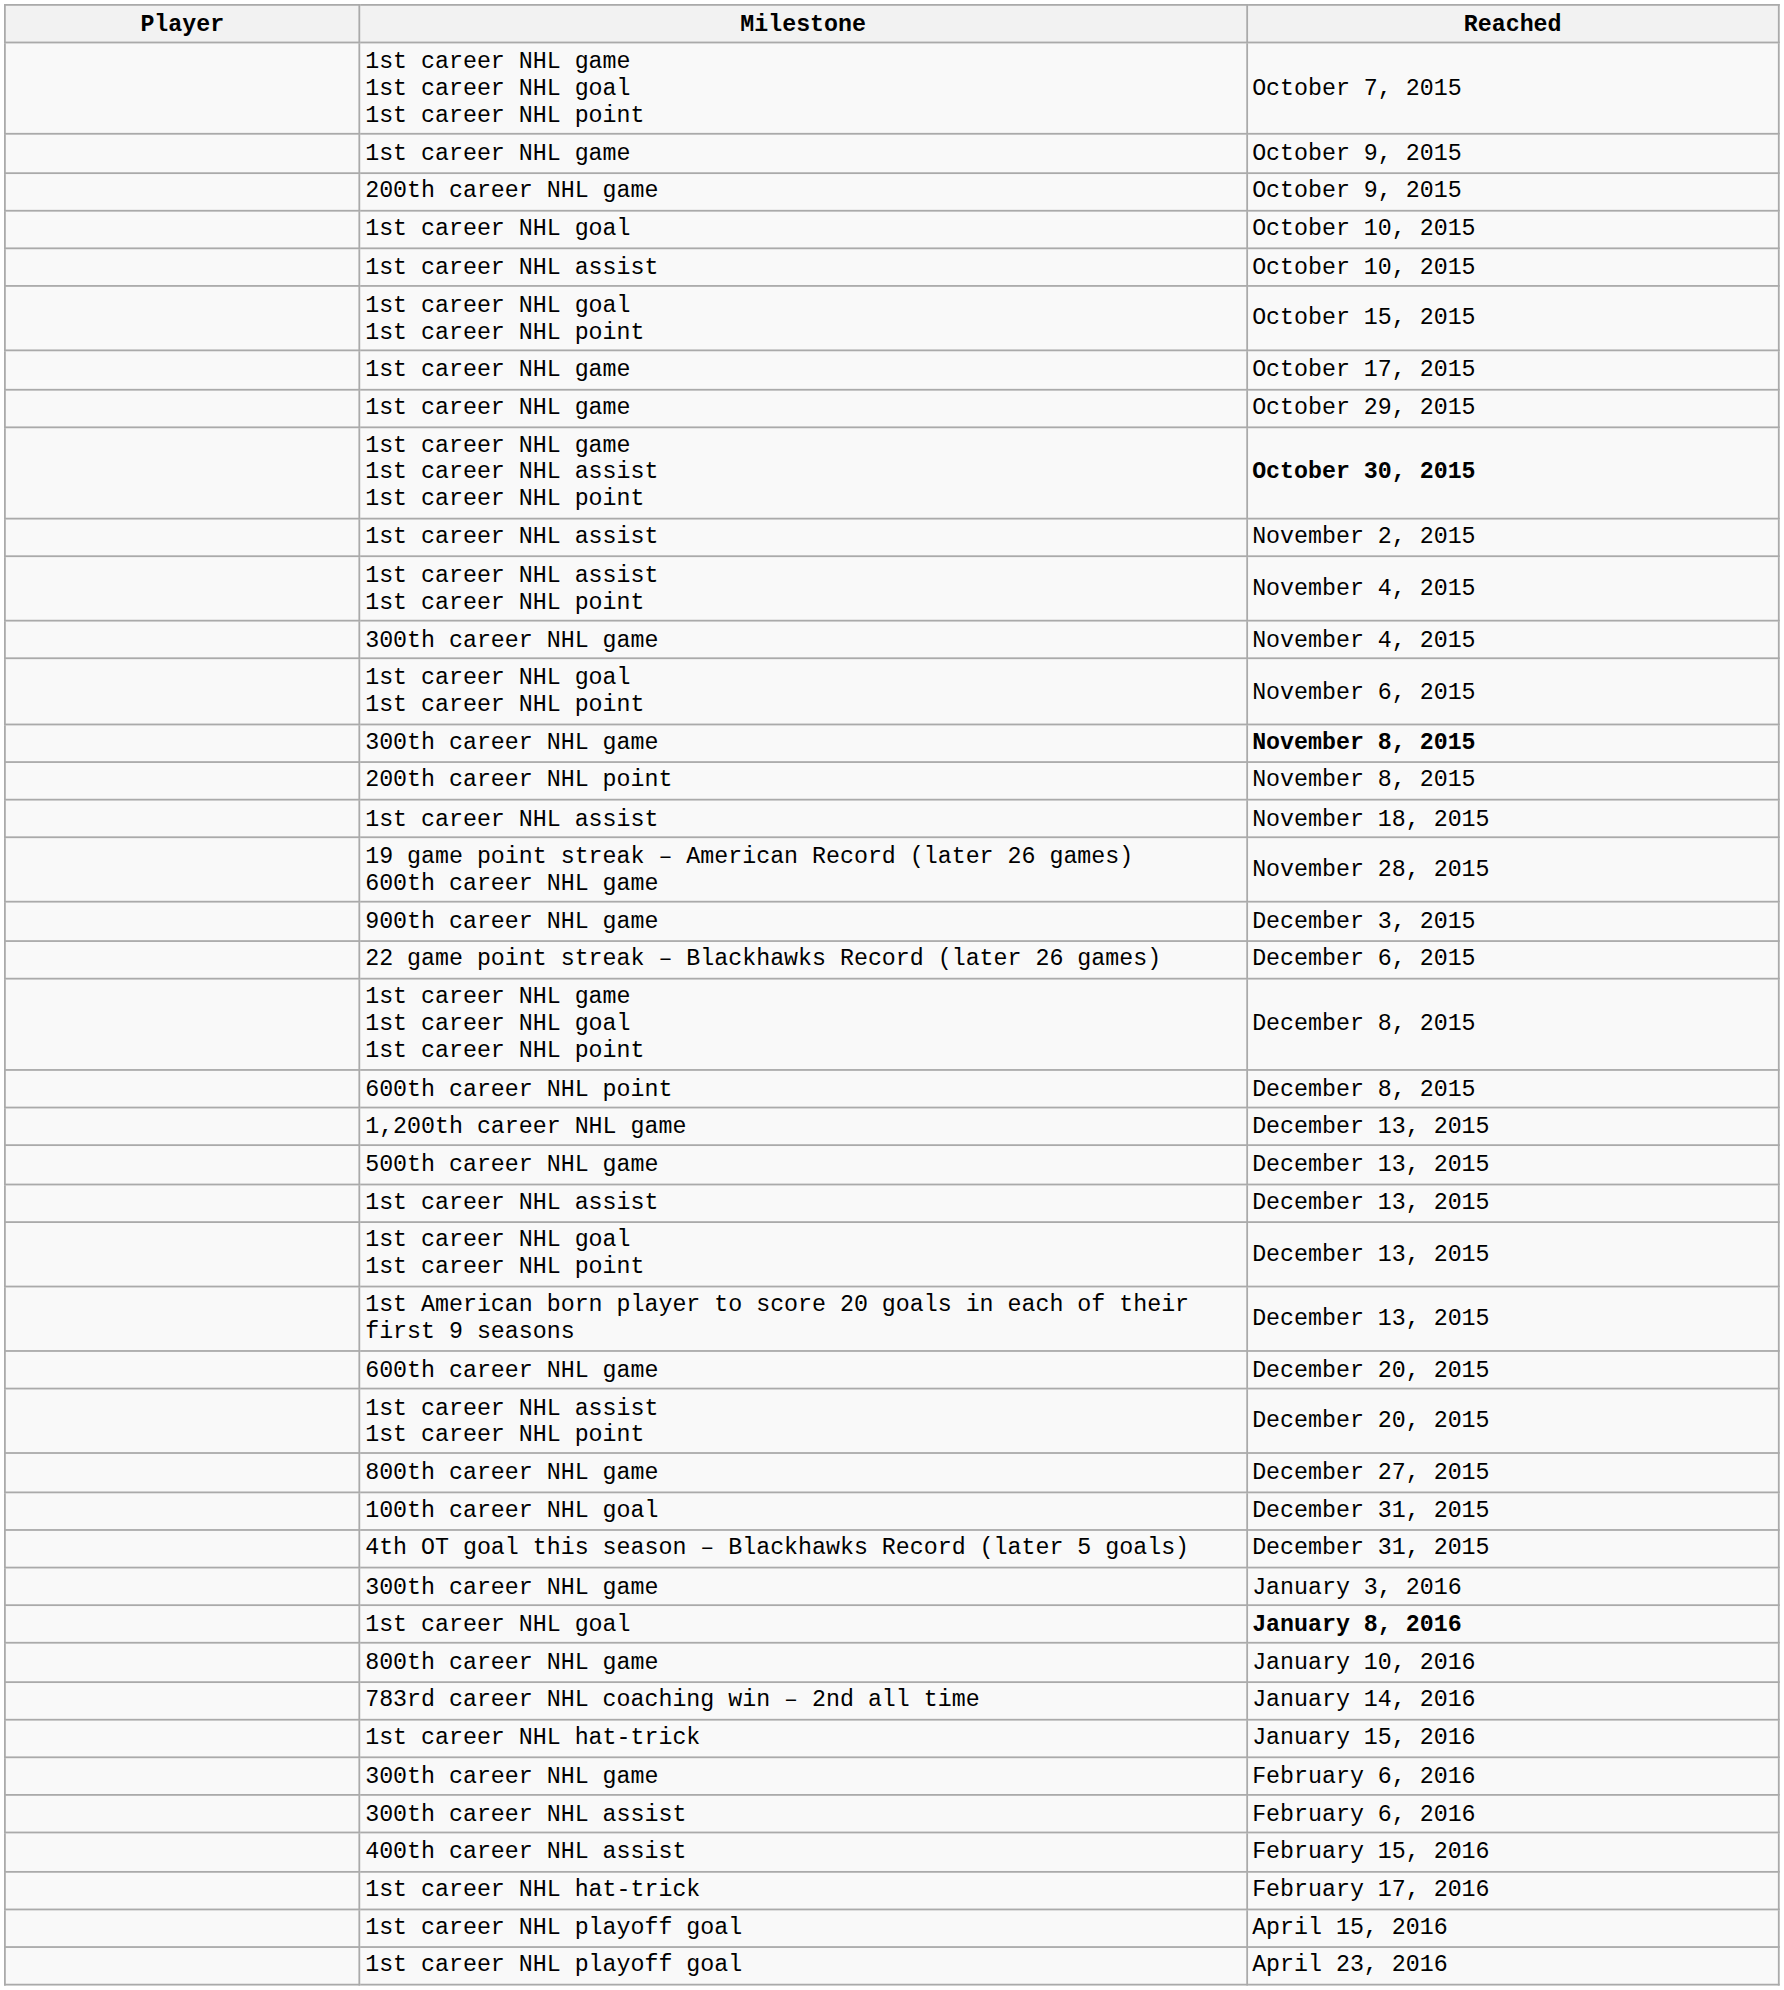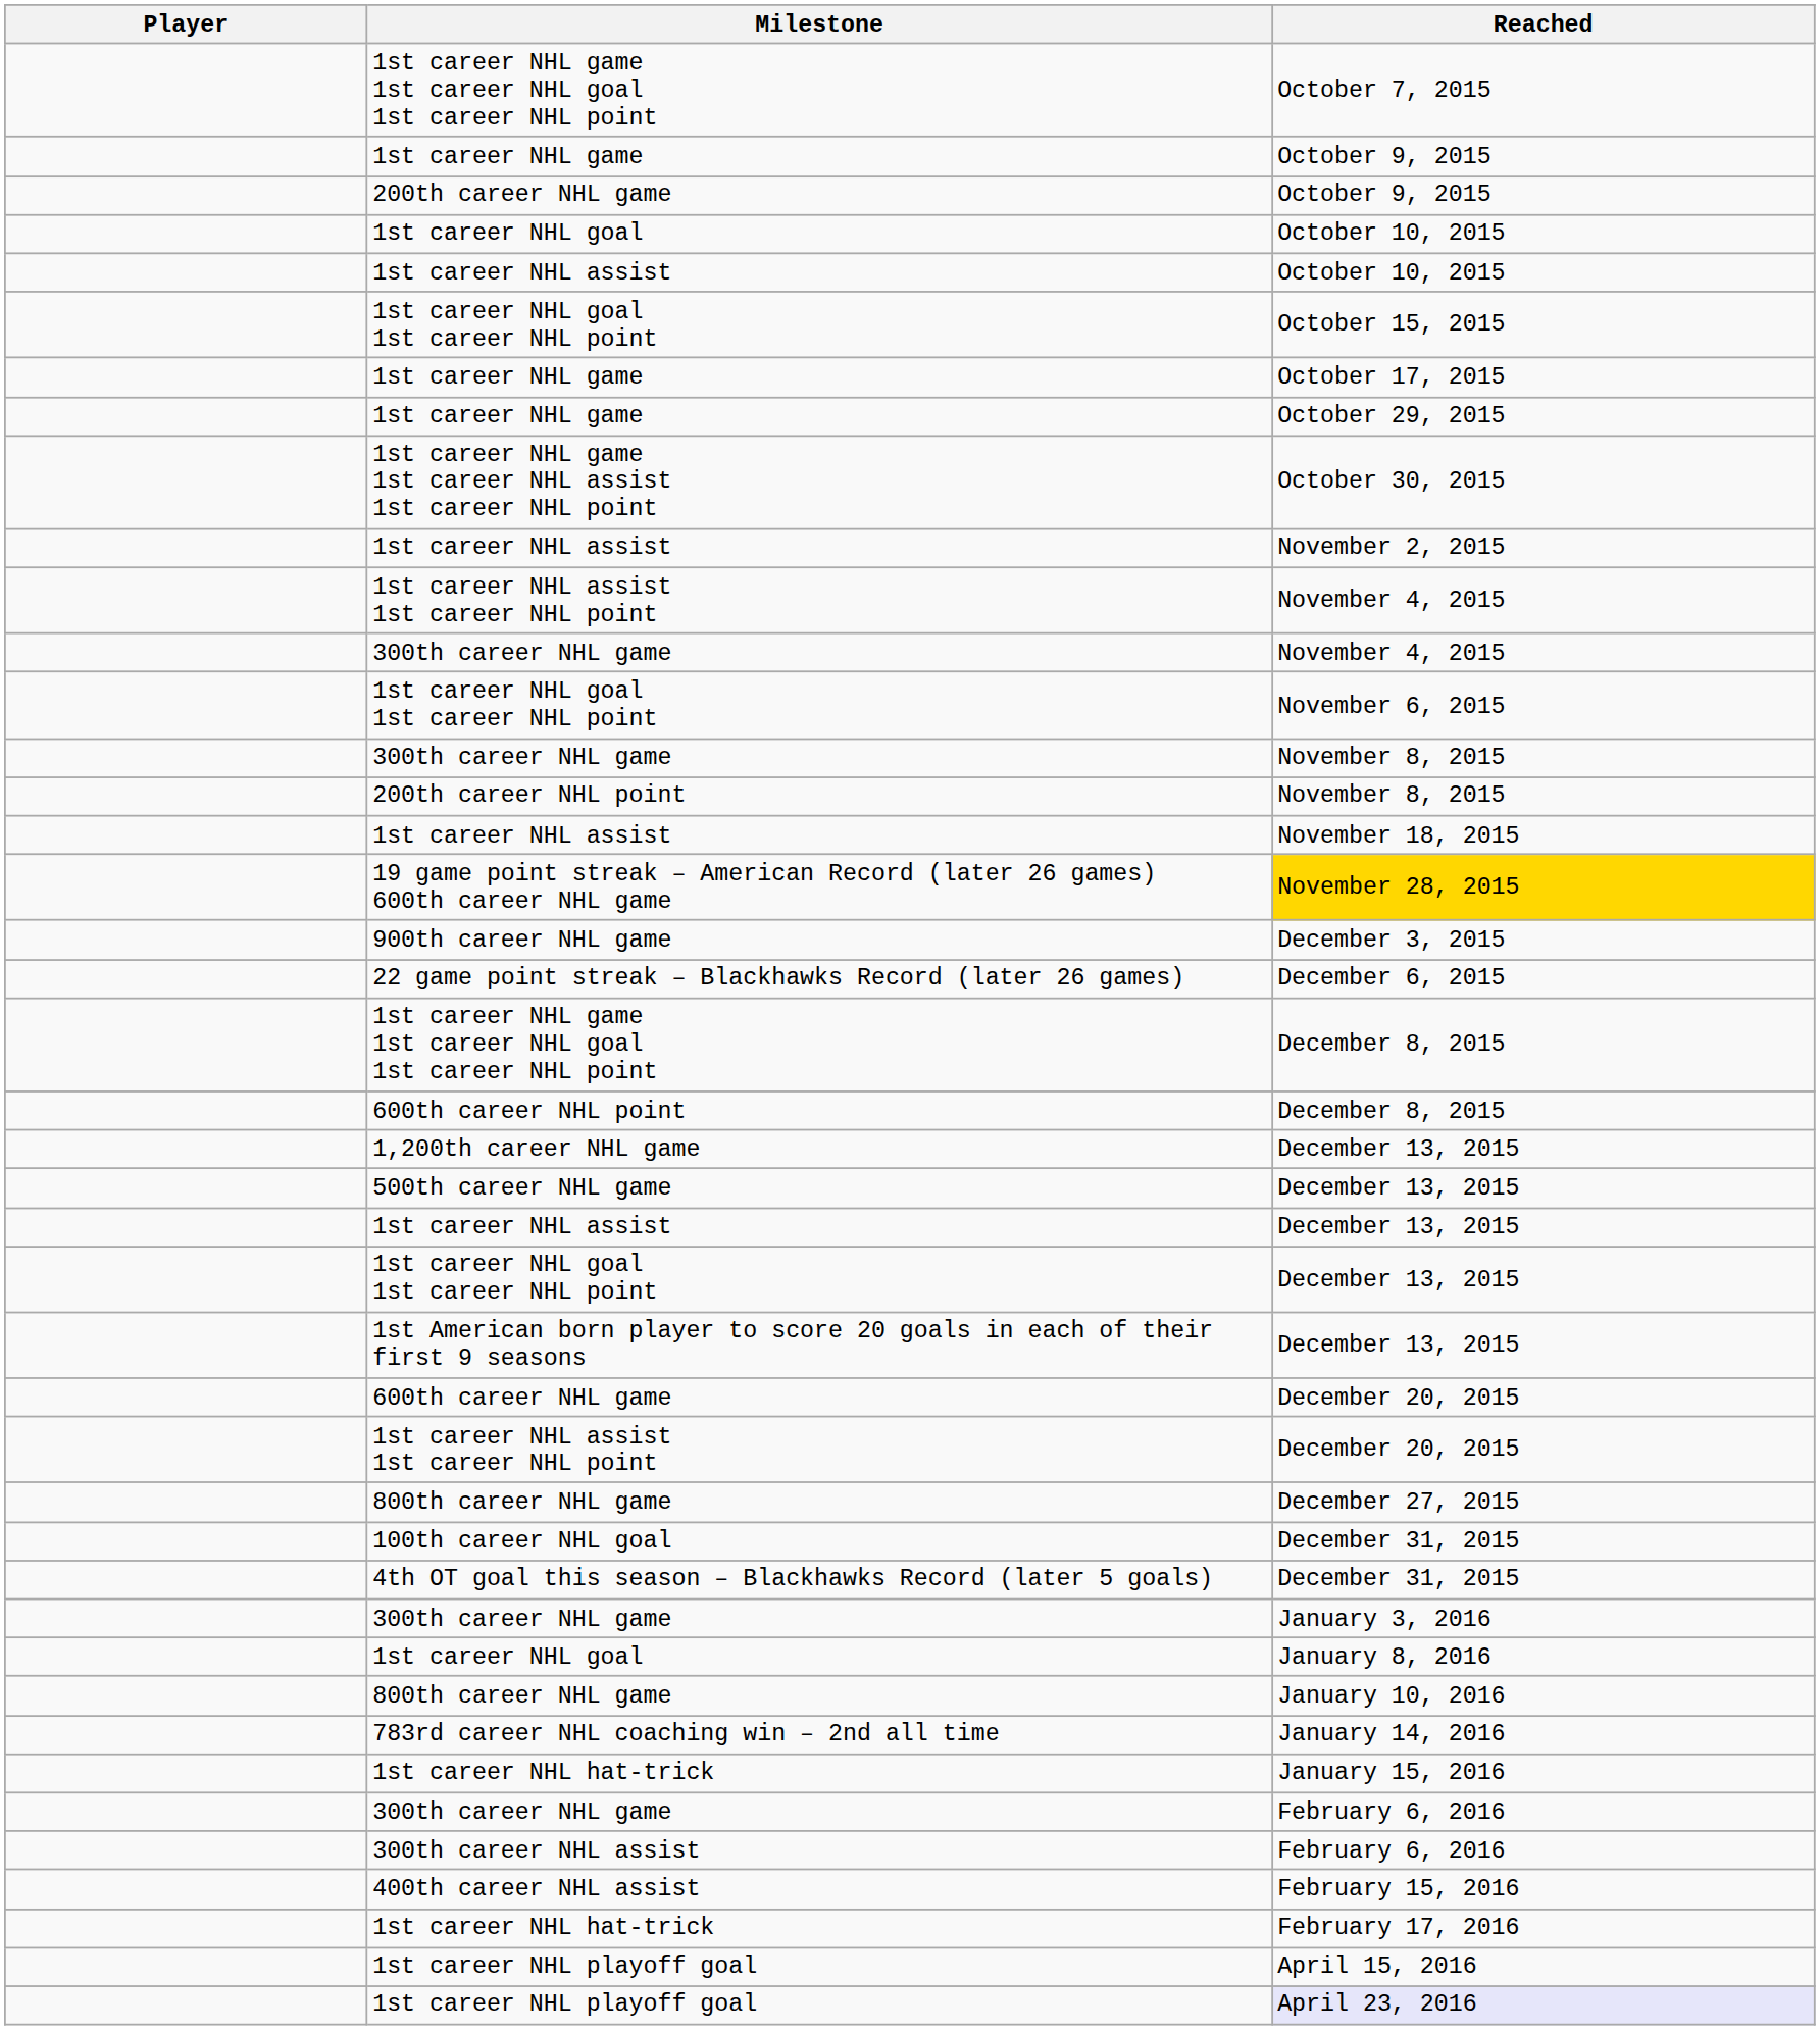 <table class="wikitable sortable" style="width:50%;">
 <tr align=center>
 <th style="width:20%;">Player</th>
 <th style="width:50%;">Milestone</th>
 <th style="width:30%;" data-sort-type="date">Reached</th>
 </tr>
 <tr>
 <td></td>
 <td>1st career NHL game<br>1st career NHL goal<br>1st career NHL point</td>
 <td>October 7, 2015</td>
 </tr>
 <tr>
 <td></td>
 <td>1st career NHL game</td>
 <td>October 9, 2015</td>
 </tr>
 <tr>
 <td></td>
 <td>200th career NHL game</td>
 <td>October 9, 2015</td>
 </tr>
 <tr>
 <td></td>
 <td>1st career NHL goal</td>
 <td>October 10, 2015</td>
 </tr>
 <tr>
 <td></td>
 <td>1st career NHL assist</td>
 <td>October 10, 2015</td>
 </tr>
 <tr>
 <td></td>
 <td>1st career NHL goal<br>1st career NHL point</td>
 <td>October 15, 2015</td>
 </tr>
 <tr>
 <td></td>
 <td>1st career NHL game</td>
 <td>October 17, 2015</td>
 </tr>
 <tr>
 <td></td>
 <td>1st career NHL game</td>
 <td>October 29, 2015</td>
 </tr>
 <tr>
 <td></td>
 <td>1st career NHL game<br>1st career NHL assist<br>1st career NHL point</td>
-<td><strong>October 30, 2015</strong></td>
+<td>October 30, 2015</td>
 </tr>
 <tr>
 <td></td>
 <td>1st career NHL assist</td>
 <td>November 2, 2015</td>
 </tr>
 <tr>
 <td></td>
 <td>1st career NHL assist<br>1st career NHL point</td>
 <td>November 4, 2015</td>
 </tr>
 <tr>
 <td></td>
 <td>300th career NHL game</td>
 <td>November 4, 2015</td>
 </tr>
 <tr>
 <td></td>
 <td>1st career NHL goal<br>1st career NHL point</td>
 <td>November 6, 2015</td>
 </tr>
 <tr>
 <td></td>
 <td>300th career NHL game</td>
-<td><strong>November 8, 2015</strong></td>
+<td>November 8, 2015</td>
 </tr>
 <tr>
 <td></td>
 <td>200th career NHL point</td>
 <td>November 8, 2015</td>
 </tr>
 <tr>
 <td></td>
 <td>1st career NHL assist</td>
 <td>November 18, 2015</td>
 </tr>
 <tr>
 <td></td>
 <td>19 game point streak – American Record (later 26 games)<br>600th career NHL game</td>
-<td>November 28, 2015</td>
+<td style="background: gold;">November 28, 2015</td>
 </tr>
 <tr>
 <td></td>
 <td>900th career NHL game</td>
 <td>December 3, 2015</td>
 </tr>
 <tr>
 <td></td>
 <td>22 game point streak – Blackhawks Record (later 26 games)</td>
 <td>December 6, 2015</td>
 </tr>
 <tr>
 <td></td>
 <td>1st career NHL game<br>1st career NHL goal<br>1st career NHL point</td>
 <td>December 8, 2015</td>
 </tr>
 <tr>
 <td></td>
 <td>600th career NHL point</td>
 <td>December 8, 2015</td>
 </tr>
 <tr>
 <td></td>
 <td>1,200th career NHL game</td>
 <td>December 13, 2015</td>
 </tr>
 <tr>
 <td></td>
 <td>500th career NHL game</td>
 <td>December 13, 2015</td>
 </tr>
 <tr>
 <td></td>
 <td>1st career NHL assist</td>
 <td>December 13, 2015</td>
 </tr>
 <tr>
 <td></td>
 <td>1st career NHL goal<br>1st career NHL point</td>
 <td>December 13, 2015</td>
 </tr>
 <tr>
 <td></td>
 <td>1st American born player to score 20 goals in each of their first 9 seasons</td>
 <td>December 13, 2015</td>
 </tr>
 <tr>
 <td></td>
 <td>600th career NHL game</td>
 <td>December 20, 2015</td>
 </tr>
 <tr>
 <td></td>
 <td>1st career NHL assist<br>1st career NHL point</td>
 <td>December 20, 2015</td>
 </tr>
 <tr>
 <td></td>
 <td>800th career NHL game</td>
 <td>December 27, 2015</td>
 </tr>
 <tr>
 <td></td>
 <td>100th career NHL goal</td>
 <td>December 31, 2015</td>
 </tr>
 <tr>
 <td></td>
 <td>4th OT goal this season – Blackhawks Record (later 5 goals)</td>
 <td>December 31, 2015</td>
 </tr>
 <tr>
 <td></td>
 <td>300th career NHL game</td>
 <td>January 3, 2016</td>
 </tr>
 <tr>
 <td></td>
 <td>1st career NHL goal</td>
-<td><strong>January 8, 2016</strong></td>
+<td>January 8, 2016</td>
 </tr>
 <tr>
 <td></td>
 <td>800th career NHL game</td>
 <td>January 10, 2016</td>
 </tr>
 <tr>
 <td></td>
 <td>783rd career NHL coaching win – 2nd all time</td>
 <td>January 14, 2016</td>
 </tr>
 <tr>
 <td></td>
 <td>1st career NHL hat-trick</td>
 <td>January 15, 2016</td>
 </tr>
 <tr>
 <td></td>
 <td>300th career NHL game</td>
 <td>February 6, 2016</td>
 </tr>
 <tr>
 <td></td>
 <td>300th career NHL assist</td>
 <td>February 6, 2016</td>
 </tr>
 <tr>
 <td></td>
 <td>400th career NHL assist</td>
 <td>February 15, 2016</td>
 </tr>
 <tr>
 <td></td>
 <td>1st career NHL hat-trick</td>
 <td>February 17, 2016</td>
 </tr>
 <tr>
 <td></td>
 <td>1st career NHL playoff goal</td>
 <td>April 15, 2016</td>
 </tr>
 <tr>
 <td></td>
 <td>1st career NHL playoff goal</td>
-<td>April 23, 2016</td>
+<td style="background: lavender;">April 23, 2016</td>
 </tr>
 </table>
